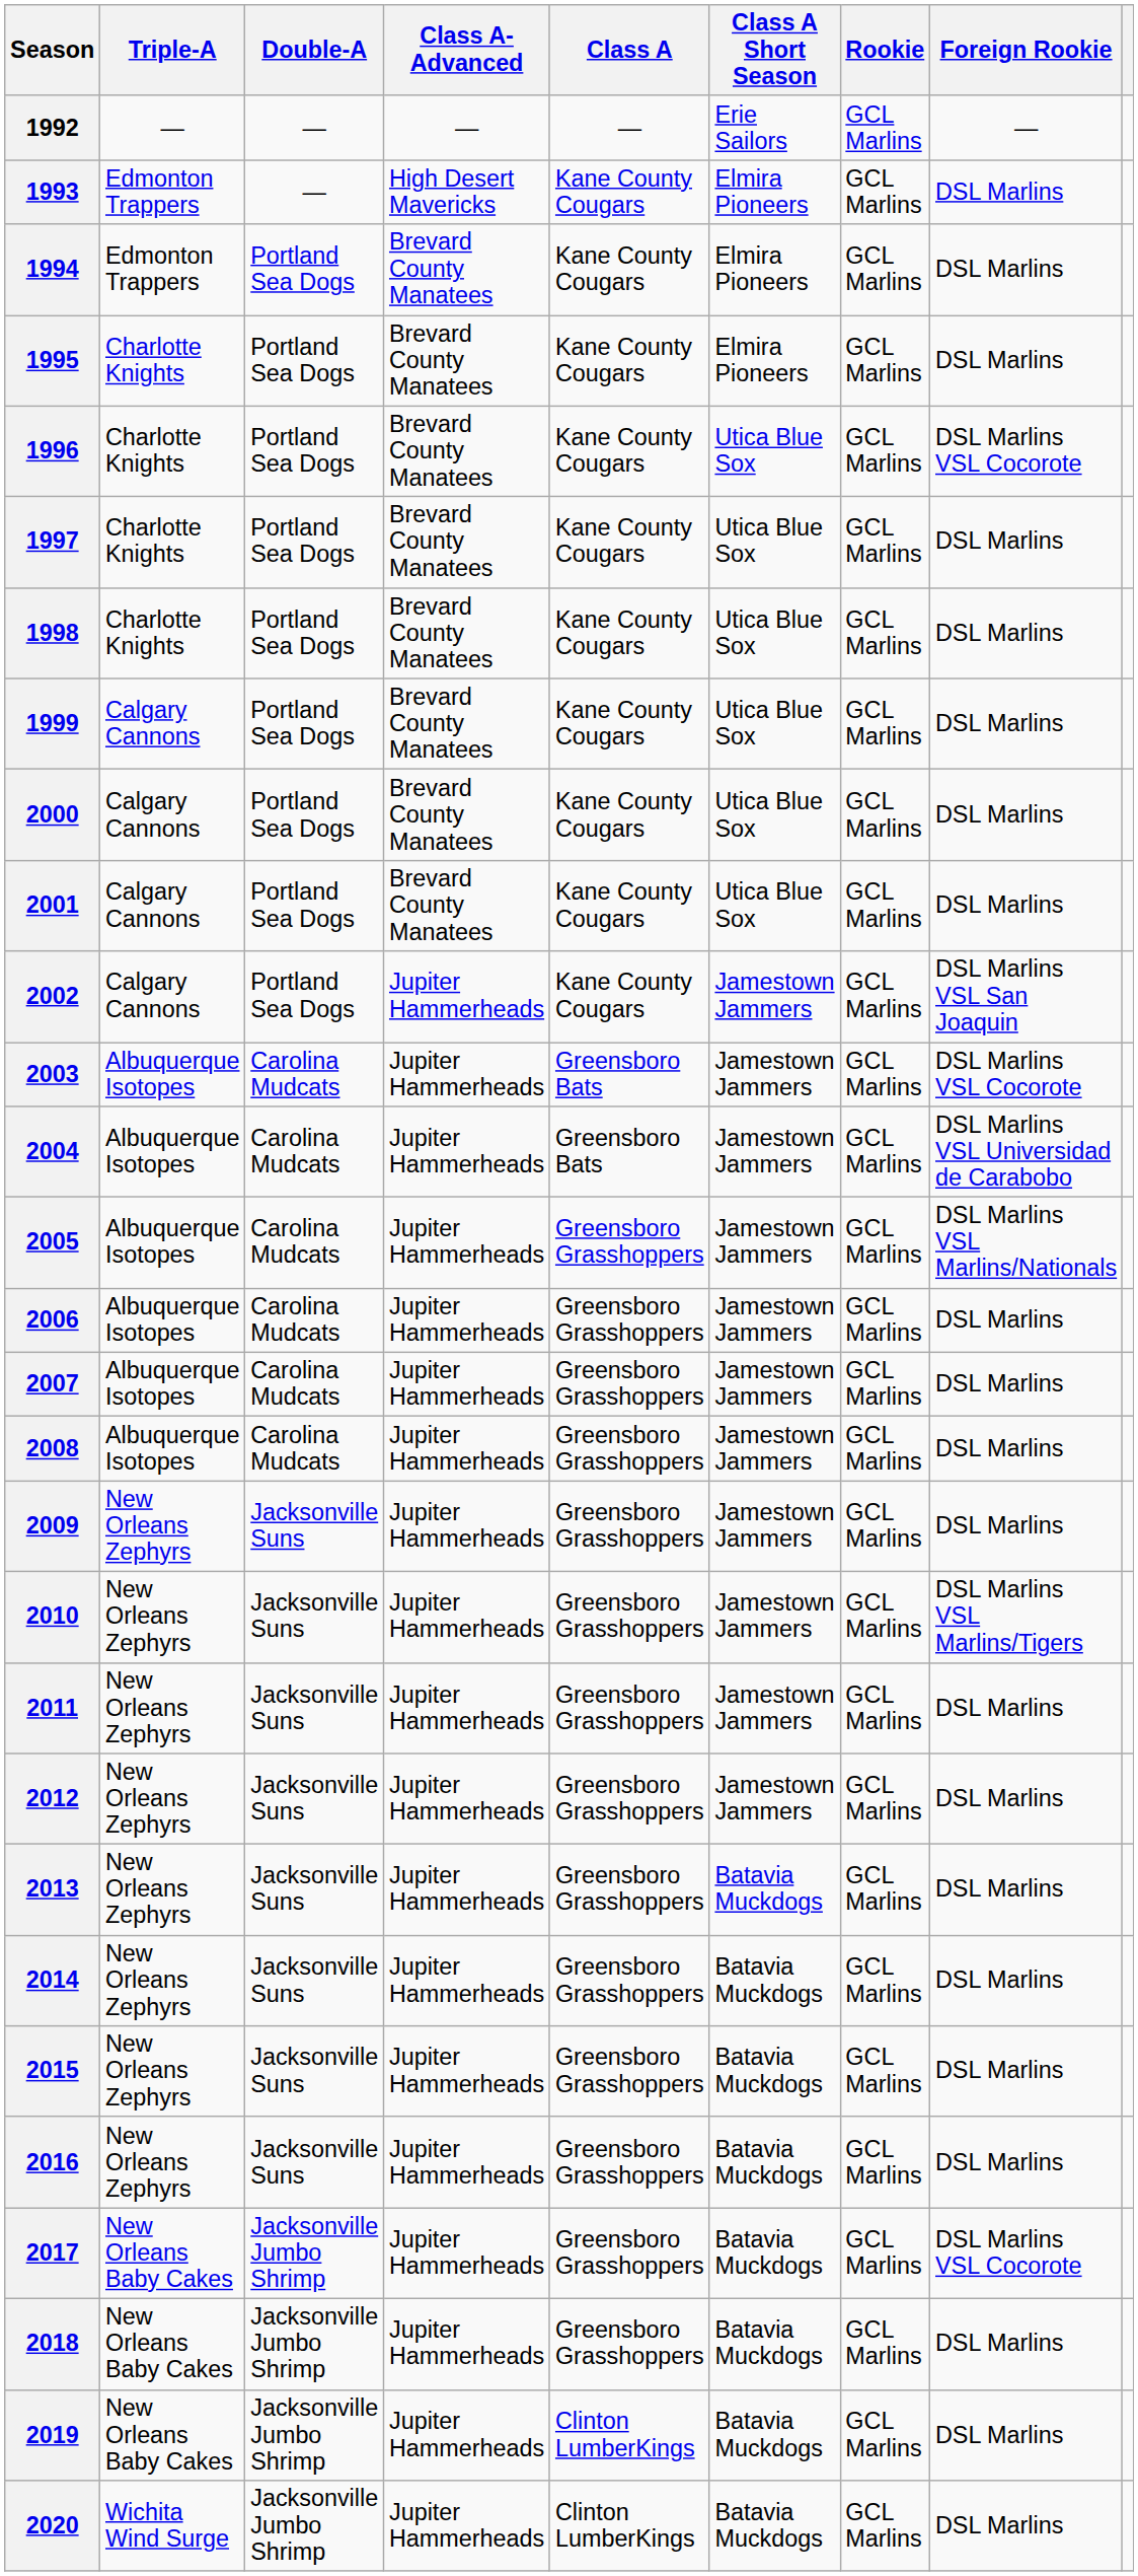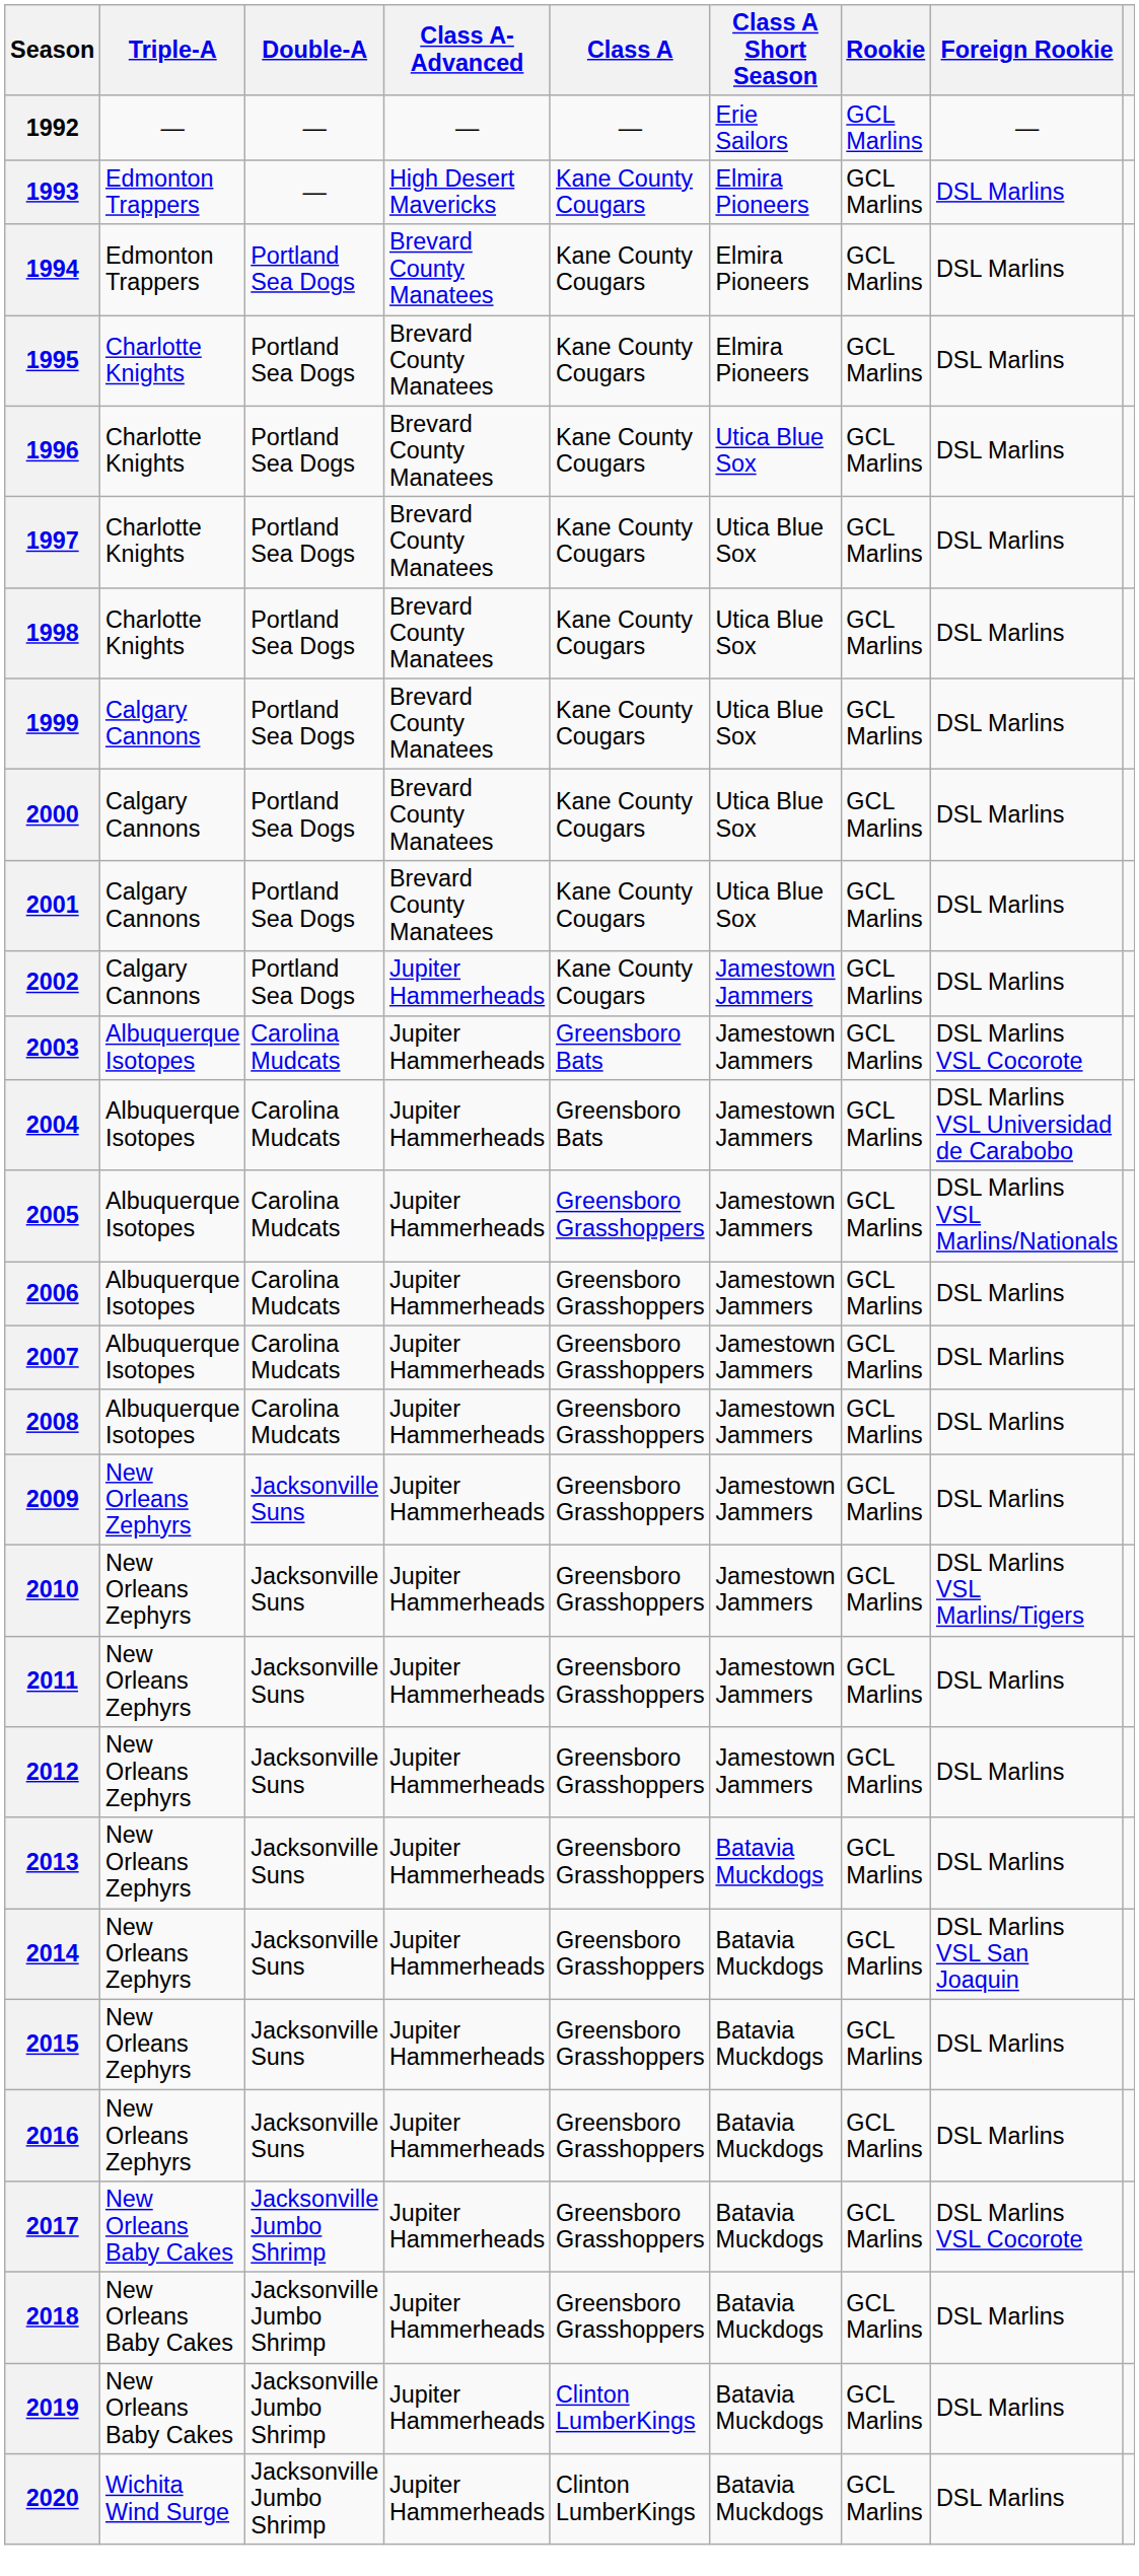 <table class="wikitable plainrowheaders">
 <tr>
 <th scope="col">Season</th>
 <th scope="col"><a href='#'><span>Triple-A</span></a></th>
 <th scope="col"><a href='#'><span>Double-A</span></a></th>
 <th scope="col"><a href='#'><span>Class A-Advanced</span></a></th>
 <th scope="col"><a href='#'><span>Class A</span></a></th>
 <th scope="col"><a href='#'><span>Class A Short Season</span></a></th>
 <th scope="col"><a href='#'><span>Rookie</span></a></th>
 <th scope="col"><a href='#'><span>Foreign Rookie</span></a></th>
 <th scope="col"></th>
 </tr>
 <tr>
 <th scope="row" style="text-align:center">1992</th>
 <td align="center">—</td>
 <td align="center">—</td>
 <td align="center">—</td>
 <td align="center">—</td>
 <td><a href='#'>Erie Sailors</a></td>
 <td><a href='#'>GCL Marlins</a></td>
 <td align="center">—</td>
 <td align="center"></td>
 </tr>
 <tr>
 <th scope="row" style="text-align:center"><a href='#'>1993</a></th>
 <td><a href='#'>Edmonton Trappers</a></td>
 <td align="center">—</td>
 <td><a href='#'>High Desert Mavericks</a></td>
 <td><a href='#'>Kane County Cougars</a></td>
 <td><a href='#'>Elmira Pioneers</a></td>
 <td>GCL Marlins</td>
 <td><a href='#'>DSL Marlins</a></td>
 <td align="center"></td>
 </tr>
 <tr>
 <th scope="row" style="text-align:center"><a href='#'>1994</a></th>
 <td>Edmonton Trappers</td>
 <td><a href='#'>Portland Sea Dogs</a></td>
 <td><a href='#'>Brevard County Manatees</a></td>
 <td>Kane County Cougars</td>
 <td>Elmira Pioneers</td>
 <td>GCL Marlins</td>
 <td>DSL Marlins</td>
 <td align="center"></td>
 </tr>
 <tr>
 <th scope="row" style="text-align:center"><a href='#'>1995</a></th>
 <td><a href='#'>Charlotte Knights</a></td>
 <td>Portland Sea Dogs</td>
 <td>Brevard County Manatees</td>
 <td>Kane County Cougars</td>
 <td>Elmira Pioneers</td>
 <td>GCL Marlins</td>
 <td>DSL Marlins</td>
 <td align="center"></td>
 </tr>
 <tr>
 <th scope="row" style="text-align:center"><a href='#'>1996</a></th>
 <td>Charlotte Knights</td>
 <td>Portland Sea Dogs</td>
 <td>Brevard County Manatees</td>
 <td>Kane County Cougars</td>
 <td><a href='#'>Utica Blue Sox</a></td>
 <td>GCL Marlins</td>
-<td>DSL Marlins<br><a href='#'>VSL Cocorote</a></td>
+<td>DSL Marlins</td>
 <td align="center"></td>
 </tr>
 <tr>
 <th scope="row" style="text-align:center"><a href='#'>1997</a></th>
 <td>Charlotte Knights</td>
 <td>Portland Sea Dogs</td>
 <td>Brevard County Manatees</td>
 <td>Kane County Cougars</td>
 <td>Utica Blue Sox</td>
 <td>GCL Marlins</td>
 <td>DSL Marlins</td>
 <td align="center"></td>
 </tr>
 <tr>
 <th scope="row" style="text-align:center"><a href='#'>1998</a></th>
 <td>Charlotte Knights</td>
 <td>Portland Sea Dogs</td>
 <td>Brevard County Manatees</td>
 <td>Kane County Cougars</td>
 <td>Utica Blue Sox</td>
 <td>GCL Marlins</td>
 <td>DSL Marlins</td>
 <td align="center"></td>
 </tr>
 <tr>
 <th scope="row" style="text-align:center"><a href='#'>1999</a></th>
 <td><a href='#'>Calgary Cannons</a></td>
 <td>Portland Sea Dogs</td>
 <td>Brevard County Manatees</td>
 <td>Kane County Cougars</td>
 <td>Utica Blue Sox</td>
 <td>GCL Marlins</td>
 <td>DSL Marlins</td>
 <td align="center"></td>
 </tr>
 <tr>
 <th scope="row" style="text-align:center"><a href='#'>2000</a></th>
 <td>Calgary Cannons</td>
 <td>Portland Sea Dogs</td>
 <td>Brevard County Manatees</td>
 <td>Kane County Cougars</td>
 <td>Utica Blue Sox</td>
 <td>GCL Marlins</td>
 <td>DSL Marlins</td>
 <td align="center"></td>
 </tr>
 <tr>
 <th scope="row" style="text-align:center"><a href='#'>2001</a></th>
 <td>Calgary Cannons</td>
 <td>Portland Sea Dogs</td>
 <td>Brevard County Manatees</td>
 <td>Kane County Cougars</td>
 <td>Utica Blue Sox</td>
 <td>GCL Marlins</td>
 <td>DSL Marlins</td>
 <td align="center"></td>
 </tr>
 <tr>
 <th scope="row" style="text-align:center"><a href='#'>2002</a></th>
 <td>Calgary Cannons</td>
 <td>Portland Sea Dogs</td>
 <td><a href='#'>Jupiter Hammerheads</a></td>
 <td>Kane County Cougars</td>
 <td><a href='#'>Jamestown Jammers</a></td>
 <td>GCL Marlins</td>
-<td>DSL Marlins<br><a href='#'>VSL San Joaquin</a></td>
+<td>DSL Marlins</td>
 <td align="center"></td>
 </tr>
 <tr>
 <th scope="row" style="text-align:center"><a href='#'>2003</a></th>
 <td><a href='#'>Albuquerque Isotopes</a></td>
 <td><a href='#'>Carolina Mudcats</a></td>
 <td>Jupiter Hammerheads</td>
 <td><a href='#'>Greensboro Bats</a></td>
 <td>Jamestown Jammers</td>
 <td>GCL Marlins</td>
 <td>DSL Marlins<br><a href='#'>VSL Cocorote</a></td>
 <td align="center"></td>
 </tr>
 <tr>
 <th scope="row" style="text-align:center"><a href='#'>2004</a></th>
 <td>Albuquerque Isotopes</td>
 <td>Carolina Mudcats</td>
 <td>Jupiter Hammerheads</td>
 <td>Greensboro Bats</td>
 <td>Jamestown Jammers</td>
 <td>GCL Marlins</td>
 <td>DSL Marlins<br><a href='#'>VSL Universidad de Carabobo</a></td>
 <td align="center"></td>
 </tr>
 <tr>
 <th scope="row" style="text-align:center"><a href='#'>2005</a></th>
 <td>Albuquerque Isotopes</td>
 <td>Carolina Mudcats</td>
 <td>Jupiter Hammerheads</td>
 <td><a href='#'>Greensboro Grasshoppers</a></td>
 <td>Jamestown Jammers</td>
 <td>GCL Marlins</td>
 <td>DSL Marlins<br><a href='#'>VSL Marlins/Nationals</a></td>
 <td align="center"></td>
 </tr>
 <tr>
 <th scope="row" style="text-align:center"><a href='#'>2006</a></th>
 <td>Albuquerque Isotopes</td>
 <td>Carolina Mudcats</td>
 <td>Jupiter Hammerheads</td>
 <td>Greensboro Grasshoppers</td>
 <td>Jamestown Jammers</td>
 <td>GCL Marlins</td>
 <td>DSL Marlins</td>
 <td align="center"></td>
 </tr>
 <tr>
 <th scope="row" style="text-align:center"><a href='#'>2007</a></th>
 <td>Albuquerque Isotopes</td>
 <td>Carolina Mudcats</td>
 <td>Jupiter Hammerheads</td>
 <td>Greensboro Grasshoppers</td>
 <td>Jamestown Jammers</td>
 <td>GCL Marlins</td>
 <td>DSL Marlins</td>
 <td align="center"></td>
 </tr>
 <tr>
 <th scope="row" style="text-align:center"><a href='#'>2008</a></th>
 <td>Albuquerque Isotopes</td>
 <td>Carolina Mudcats</td>
 <td>Jupiter Hammerheads</td>
 <td>Greensboro Grasshoppers</td>
 <td>Jamestown Jammers</td>
 <td>GCL Marlins</td>
 <td>DSL Marlins</td>
 <td align="center"></td>
 </tr>
 <tr>
 <th scope="row" style="text-align:center"><a href='#'>2009</a></th>
 <td><a href='#'>New Orleans Zephyrs</a></td>
 <td><a href='#'>Jacksonville Suns</a></td>
 <td>Jupiter Hammerheads</td>
 <td>Greensboro Grasshoppers</td>
 <td>Jamestown Jammers</td>
 <td>GCL Marlins</td>
 <td>DSL Marlins</td>
 <td align="center"></td>
 </tr>
 <tr>
 <th scope="row" style="text-align:center"><a href='#'>2010</a></th>
 <td>New Orleans Zephyrs</td>
 <td>Jacksonville Suns</td>
 <td>Jupiter Hammerheads</td>
 <td>Greensboro Grasshoppers</td>
 <td>Jamestown Jammers</td>
 <td>GCL Marlins</td>
 <td>DSL Marlins<br><a href='#'>VSL Marlins/Tigers</a></td>
 <td align="center"></td>
 </tr>
 <tr>
 <th scope="row" style="text-align:center"><a href='#'>2011</a></th>
 <td>New Orleans Zephyrs</td>
 <td>Jacksonville Suns</td>
 <td>Jupiter Hammerheads</td>
 <td>Greensboro Grasshoppers</td>
 <td>Jamestown Jammers</td>
 <td>GCL Marlins</td>
 <td>DSL Marlins</td>
 <td align="center"></td>
 </tr>
 <tr>
 <th scope="row" style="text-align:center"><a href='#'>2012</a></th>
 <td>New Orleans Zephyrs</td>
 <td>Jacksonville Suns</td>
 <td>Jupiter Hammerheads</td>
 <td>Greensboro Grasshoppers</td>
 <td>Jamestown Jammers</td>
 <td>GCL Marlins</td>
 <td>DSL Marlins</td>
 <td align="center"></td>
 </tr>
 <tr>
 <th scope="row" style="text-align:center"><a href='#'>2013</a></th>
 <td>New Orleans Zephyrs</td>
 <td>Jacksonville Suns</td>
 <td>Jupiter Hammerheads</td>
 <td>Greensboro Grasshoppers</td>
 <td><a href='#'>Batavia Muckdogs</a></td>
 <td>GCL Marlins</td>
 <td>DSL Marlins</td>
 <td align="center"></td>
 </tr>
 <tr>
 <th scope="row" style="text-align:center"><a href='#'>2014</a></th>
 <td>New Orleans Zephyrs</td>
 <td>Jacksonville Suns</td>
 <td>Jupiter Hammerheads</td>
 <td>Greensboro Grasshoppers</td>
 <td>Batavia Muckdogs</td>
 <td>GCL Marlins</td>
-<td>DSL Marlins</td>
+<td>DSL Marlins<br><a href='#'>VSL San Joaquin</a></td>
 <td align="center"></td>
 </tr>
 <tr>
 <th scope="row" style="text-align:center"><a href='#'>2015</a></th>
 <td>New Orleans Zephyrs</td>
 <td>Jacksonville Suns</td>
 <td>Jupiter Hammerheads</td>
 <td>Greensboro Grasshoppers</td>
 <td>Batavia Muckdogs</td>
 <td>GCL Marlins</td>
 <td>DSL Marlins</td>
 <td align="center"></td>
 </tr>
 <tr>
 <th scope="row" style="text-align:center"><a href='#'>2016</a></th>
 <td>New Orleans Zephyrs</td>
 <td>Jacksonville Suns</td>
 <td>Jupiter Hammerheads</td>
 <td>Greensboro Grasshoppers</td>
 <td>Batavia Muckdogs</td>
 <td>GCL Marlins</td>
 <td>DSL Marlins</td>
 <td align="center"></td>
 </tr>
 <tr>
 <th scope="row" style="text-align:center"><a href='#'>2017</a></th>
 <td><a href='#'>New Orleans Baby Cakes</a></td>
 <td><a href='#'>Jacksonville Jumbo Shrimp</a></td>
 <td>Jupiter Hammerheads</td>
 <td>Greensboro Grasshoppers</td>
 <td>Batavia Muckdogs</td>
 <td>GCL Marlins</td>
 <td>DSL Marlins<br><a href='#'>VSL Cocorote</a></td>
 <td align="center"></td>
 </tr>
 <tr>
 <th scope="row" style="text-align:center"><a href='#'>2018</a></th>
 <td>New Orleans Baby Cakes</td>
 <td>Jacksonville Jumbo Shrimp</td>
 <td>Jupiter Hammerheads</td>
 <td>Greensboro Grasshoppers</td>
 <td>Batavia Muckdogs</td>
 <td>GCL Marlins</td>
 <td>DSL Marlins</td>
 <td align="center"></td>
 </tr>
 <tr>
 <th scope="row" style="text-align:center"><a href='#'>2019</a></th>
 <td>New Orleans Baby Cakes</td>
 <td>Jacksonville Jumbo Shrimp</td>
 <td>Jupiter Hammerheads</td>
 <td><a href='#'>Clinton LumberKings</a></td>
 <td>Batavia Muckdogs</td>
 <td>GCL Marlins</td>
 <td>DSL Marlins</td>
 <td align="center"></td>
 </tr>
 <tr>
 <th scope="row" style="text-align:center"><a href='#'>2020</a></th>
 <td><a href='#'>Wichita Wind Surge</a></td>
 <td>Jacksonville Jumbo Shrimp</td>
 <td>Jupiter Hammerheads</td>
 <td>Clinton LumberKings</td>
 <td>Batavia Muckdogs</td>
 <td>GCL Marlins</td>
 <td>DSL Marlins</td>
 <td align="center"></td>
 </tr>
 </table>
